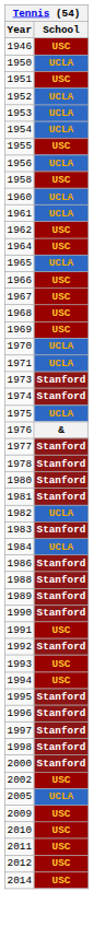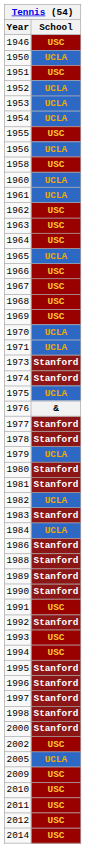 <table class="wikitable">
 <tr>
 <th colspan=2><a href='#'>Tennis</a> (54)</th>
 </tr>
 <tr>
 <th>Year</th>
 <th>School</th>
 </tr>
 <tr>
 <td>1946</td>
 <th style="background:#990000; color:#FFC72C;">USC</th>
 </tr>
 <tr>
 <td>1950</td>
 <th style="background:#2D68C4; color:#F2A900;">UCLA</th>
 </tr>
 <tr>
 <td>1951</td>
 <th style="background:#990000; color:#FFC72C;">USC</th>
 </tr>
 <tr>
 <td>1952</td>
 <th style="background:#2D68C4; color:#F2A900;">UCLA</th>
 </tr>
 <tr>
 <td>1953</td>
 <th style="background:#2D68C4; color:#F2A900;">UCLA</th>
 </tr>
 <tr>
 <td>1954</td>
 <th style="background:#2D68C4; color:#F2A900;">UCLA</th>
 </tr>
 <tr>
 <td>1955</td>
 <th style="background:#990000; color:#FFC72C;">USC</th>
 </tr>
 <tr>
 <td>1956</td>
 <th style="background:#2D68C4; color:#F2A900;">UCLA</th>
 </tr>
 <tr>
 <td>1958</td>
 <th style="background:#990000; color:#FFC72C;">USC</th>
 </tr>
 <tr>
 <td>1960</td>
 <th style="background:#2D68C4; color:#F2A900;">UCLA</th>
 </tr>
 <tr>
 <td>1961</td>
 <th style="background:#2D68C4; color:#F2A900;">UCLA</th>
 </tr>
 <tr>
 <td>1962</td>
 <th style="background:#990000; color:#FFC72C;">USC</th>
 </tr>
 <tr>
+<td>1963</td>
+<th style="background:#990000; color:#FFC72C;">USC</th>
+</tr>
+<tr>
 <td>1964</td>
 <th style="background:#990000; color:#FFC72C;">USC</th>
 </tr>
 <tr>
 <td>1965</td>
 <th style="background:#2D68C4; color:#F2A900;">UCLA</th>
 </tr>
 <tr>
 <td>1966</td>
 <th style="background:#990000; color:#FFC72C;">USC</th>
 </tr>
 <tr>
 <td>1967</td>
 <th style="background:#990000; color:#FFC72C;">USC</th>
 </tr>
 <tr>
 <td>1968</td>
 <th style="background:#990000; color:#FFC72C;">USC</th>
 </tr>
 <tr>
 <td>1969</td>
 <th style="background:#990000; color:#FFC72C;">USC</th>
 </tr>
 <tr>
 <td>1970</td>
 <th style="background:#2D68C4; color:#F2A900;">UCLA</th>
 </tr>
 <tr>
 <td>1971</td>
 <th style="background:#2D68C4; color:#F2A900;">UCLA</th>
 </tr>
 <tr>
 <td>1973</td>
 <th style="background:#8C1515; color:#FFFFFF;">Stanford</th>
 </tr>
 <tr>
 <td>1974</td>
 <th style="background:#8C1515; color:#FFFFFF;">Stanford</th>
 </tr>
 <tr>
 <td>1975</td>
 <th style="background:#2D68C4; color:#F2A900;">UCLA</th>
 </tr>
 <tr>
 <td>1976</td>
 <th style="text-align:center;"> & </th>
 </tr>
 <tr>
 <td>1977</td>
 <th style="background:#8C1515; color:#FFFFFF;">Stanford</th>
 </tr>
 <tr>
 <td>1978</td>
 <th style="background:#8C1515; color:#FFFFFF;">Stanford</th>
+</tr>
+<tr>
+<td>1979</td>
+<th style="background:#2D68C4; color:#F2A900;">UCLA</th>
 </tr>
 <tr>
 <td>1980</td>
 <th style="background:#8C1515; color:#FFFFFF;">Stanford</th>
 </tr>
 <tr>
 <td>1981</td>
 <th style="background:#8C1515; color:#FFFFFF;">Stanford</th>
 </tr>
 <tr>
 <td>1982</td>
 <th style="background:#2D68C4; color:#F2A900;">UCLA</th>
 </tr>
 <tr>
 <td>1983</td>
 <th style="background:#8C1515; color:#FFFFFF;">Stanford</th>
 </tr>
 <tr>
 <td>1984</td>
 <th style="background:#2D68C4; color:#F2A900;">UCLA</th>
 </tr>
 <tr>
 <td>1986</td>
 <th style="background:#8C1515; color:#FFFFFF;">Stanford</th>
 </tr>
 <tr>
 <td>1988</td>
 <th style="background:#8C1515; color:#FFFFFF;">Stanford</th>
 </tr>
 <tr>
 <td>1989</td>
 <th style="background:#8C1515; color:#FFFFFF;">Stanford</th>
 </tr>
 <tr>
 <td>1990</td>
 <th style="background:#8C1515; color:#FFFFFF;">Stanford</th>
 </tr>
 <tr>
 <td>1991</td>
 <th style="background:#990000; color:#FFC72C;">USC</th>
 </tr>
 <tr>
 <td>1992</td>
 <th style="background:#8C1515; color:#FFFFFF;">Stanford</th>
 </tr>
 <tr>
 <td>1993</td>
 <th style="background:#990000; color:#FFC72C;">USC</th>
 </tr>
 <tr>
 <td>1994</td>
 <th style="background:#990000; color:#FFC72C;">USC</th>
 </tr>
 <tr>
 <td>1995</td>
 <th style="background:#8C1515; color:#FFFFFF;">Stanford</th>
 </tr>
 <tr>
 <td>1996</td>
 <th style="background:#8C1515; color:#FFFFFF;">Stanford</th>
 </tr>
 <tr>
 <td>1997</td>
 <th style="background:#8C1515; color:#FFFFFF;">Stanford</th>
 </tr>
 <tr>
 <td>1998</td>
 <th style="background:#8C1515; color:#FFFFFF;">Stanford</th>
 </tr>
 <tr>
 <td>2000</td>
 <th style="background:#8C1515; color:#FFFFFF;">Stanford</th>
 </tr>
 <tr>
 <td>2002</td>
 <th style="background:#990000; color:#FFC72C;">USC</th>
 </tr>
 <tr>
 <td>2005</td>
 <th style="background:#2D68C4; color:#F2A900;">UCLA</th>
 </tr>
 <tr>
 <td>2009</td>
 <th style="background:#990000; color:#FFC72C;">USC</th>
 </tr>
 <tr>
 <td>2010</td>
 <th style="background:#990000; color:#FFC72C;">USC</th>
 </tr>
 <tr>
 <td>2011</td>
 <th style="background:#990000; color:#FFC72C;">USC</th>
 </tr>
 <tr>
 <td>2012</td>
 <th style="background:#990000; color:#FFC72C;">USC</th>
 </tr>
 <tr>
 <td>2014</td>
 <th style="background:#990000; color:#FFC72C;">USC</th>
 </tr>
 </table>
